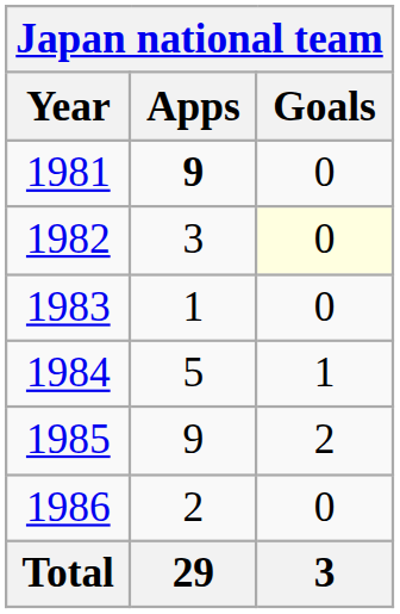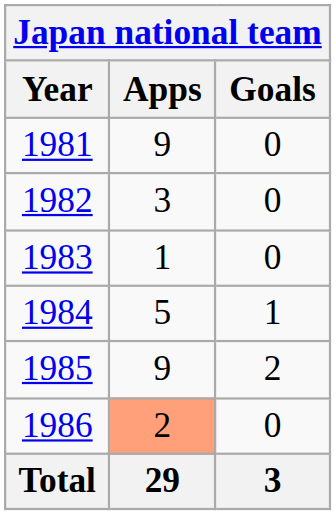 <table class="wikitable" style="text-align:center">
 <tr>
 <th colspan=3><a href='#'>Japan national team</a></th>
 </tr>
 <tr>
 <th>Year</th>
 <th>Apps</th>
 <th>Goals</th>
 </tr>
 <tr>
 <td><a href='#'>1981</a></td>
-<td><strong>9</strong></td>
+<td>9</td>
 <td>0</td>
 </tr>
 <tr>
 <td><a href='#'>1982</a></td>
 <td>3</td>
-<td style="background: lightyellow;">0</td>
+<td>0</td>
 </tr>
 <tr>
 <td><a href='#'>1983</a></td>
 <td>1</td>
 <td>0</td>
 </tr>
 <tr>
 <td><a href='#'>1984</a></td>
 <td>5</td>
 <td>1</td>
 </tr>
 <tr>
 <td><a href='#'>1985</a></td>
 <td>9</td>
 <td>2</td>
 </tr>
 <tr>
 <td><a href='#'>1986</a></td>
-<td>2</td>
+<td style="background: lightsalmon;">2</td>
 <td>0</td>
 </tr>
 <tr>
 <th>Total</th>
 <th>29</th>
 <th>3</th>
 </tr>
 </table>
